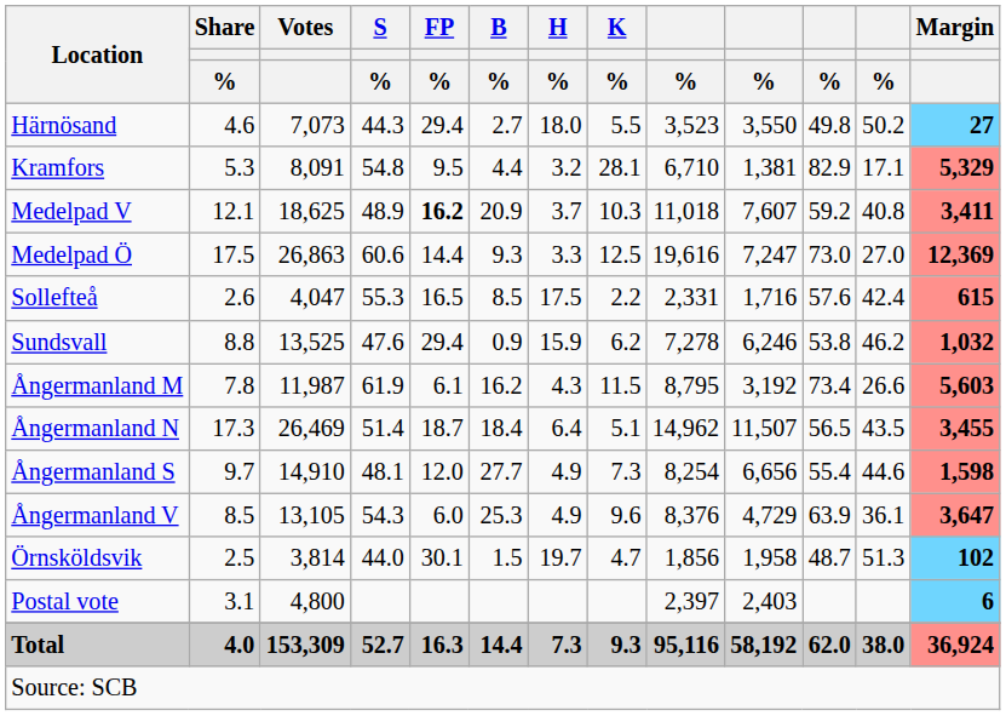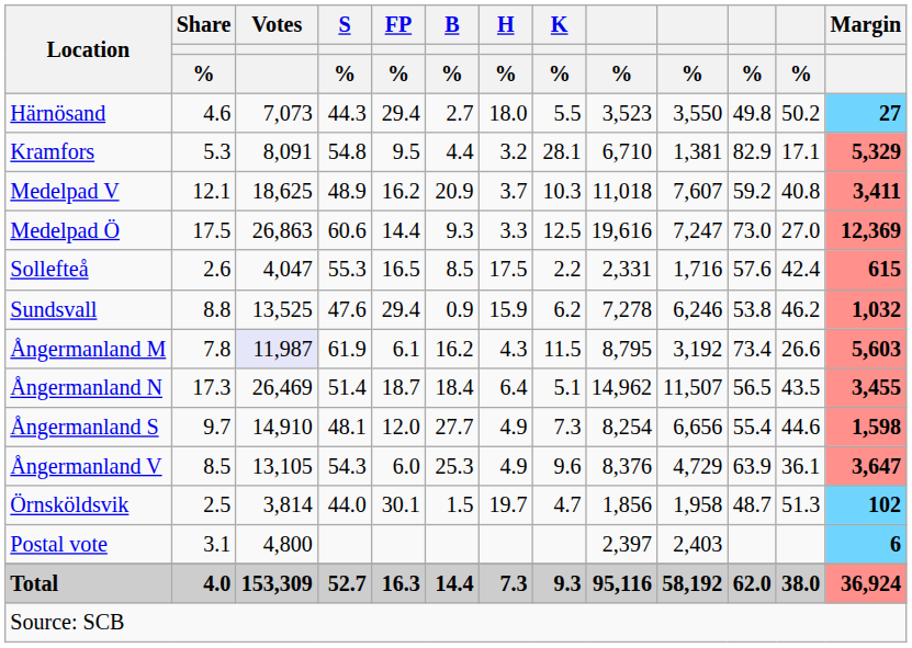 <table class="wikitable sortable" style="text-align:right; font-size:95%; line-height:20px;">
 <tr>
 <th rowspan="3">Location</th>
 <th>Share</th>
 <th>Votes</th>
 <th width="30px" class="unsortable"><a href='#'>S</a></th>
 <th width="30px" class="unsortable"><a href='#'>FP</a></th>
 <th width="30px" class="unsortable"><a href='#'>B</a></th>
 <th width="30px" class="unsortable"><a href='#'>H</a></th>
 <th width="30px" class="unsortable"><a href='#'>K</a></th>
 <th></th>
 <th></th>
 <th></th>
 <th></th>
 <th>Margin</th>
 </tr>
 <tr>
 <th></th>
 <th></th>
 <th style="background:"></th>
 <th style="background:"></th>
 <th style="background:"></th>
 <th style="background:"></th>
 <th style="background:"></th>
 <th style="background:"></th>
 <th style="background:"></th>
 <th style="background:"></th>
 <th style="background:"></th>
 <th></th>
 </tr>
 <tr>
 <th data-sort-type="number">%</th>
 <th></th>
 <th data-sort-type="number">%</th>
 <th data-sort-type="number">%</th>
 <th data-sort-type="number">%</th>
 <th data-sort-type="number">%</th>
 <th data-sort-type="number">%</th>
 <th data-sort-type="number">%</th>
 <th data-sort-type="number">%</th>
 <th data-sort-type="number">%</th>
 <th data-sort-type="number">%</th>
 <th data-sort-type="number"></th>
 </tr>
 <tr>
 <td align=left><a href='#'>Härnösand</a></td>
 <td>4.6</td>
 <td>7,073</td>
 <td>44.3</td>
 <td>29.4</td>
 <td>2.7</td>
 <td>18.0</td>
 <td>5.5</td>
 <td>3,523</td>
 <td>3,550</td>
 <td>49.8</td>
 <td>50.2</td>
 <td bgcolor=#6fd5fe><strong>27</strong></td>
 </tr>
 <tr>
 <td align=left><a href='#'>Kramfors</a></td>
 <td>5.3</td>
 <td>8,091</td>
 <td>54.8</td>
 <td>9.5</td>
 <td>4.4</td>
 <td>3.2</td>
 <td>28.1</td>
 <td>6,710</td>
 <td>1,381</td>
 <td>82.9</td>
 <td>17.1</td>
 <td bgcolor=#ff908c><strong>5,329</strong></td>
 </tr>
 <tr>
 <td align=left><a href='#'>Medelpad V</a></td>
 <td>12.1</td>
 <td>18,625</td>
 <td>48.9</td>
-<td><strong>16.2</strong></td>
+<td>16.2</td>
 <td>20.9</td>
 <td>3.7</td>
 <td>10.3</td>
 <td>11,018</td>
 <td>7,607</td>
 <td>59.2</td>
 <td>40.8</td>
 <td bgcolor=#ff908c><strong>3,411</strong></td>
 </tr>
 <tr>
 <td align=left><a href='#'>Medelpad Ö</a></td>
 <td>17.5</td>
 <td>26,863</td>
 <td>60.6</td>
 <td>14.4</td>
 <td>9.3</td>
 <td>3.3</td>
 <td>12.5</td>
 <td>19,616</td>
 <td>7,247</td>
 <td>73.0</td>
 <td>27.0</td>
 <td bgcolor=#ff908c><strong>12,369</strong></td>
 </tr>
 <tr>
 <td align=left><a href='#'>Sollefteå</a></td>
 <td>2.6</td>
 <td>4,047</td>
 <td>55.3</td>
 <td>16.5</td>
 <td>8.5</td>
 <td>17.5</td>
 <td>2.2</td>
 <td>2,331</td>
 <td>1,716</td>
 <td>57.6</td>
 <td>42.4</td>
 <td bgcolor=#ff908c><strong>615</strong></td>
 </tr>
 <tr>
 <td align=left><a href='#'>Sundsvall</a></td>
 <td>8.8</td>
 <td>13,525</td>
 <td>47.6</td>
 <td>29.4</td>
 <td>0.9</td>
 <td>15.9</td>
 <td>6.2</td>
 <td>7,278</td>
 <td>6,246</td>
 <td>53.8</td>
 <td>46.2</td>
 <td bgcolor=#ff908c><strong>1,032</strong></td>
 </tr>
 <tr>
 <td align=left><a href='#'>Ångermanland M</a></td>
 <td>7.8</td>
-<td>11,987</td>
+<td style="background: lavender;">11,987</td>
 <td>61.9</td>
 <td>6.1</td>
 <td>16.2</td>
 <td>4.3</td>
 <td>11.5</td>
 <td>8,795</td>
 <td>3,192</td>
 <td>73.4</td>
 <td>26.6</td>
 <td bgcolor=#ff908c><strong>5,603</strong></td>
 </tr>
 <tr>
 <td align=left><a href='#'>Ångermanland N</a></td>
 <td>17.3</td>
 <td>26,469</td>
 <td>51.4</td>
 <td>18.7</td>
 <td>18.4</td>
 <td>6.4</td>
 <td>5.1</td>
 <td>14,962</td>
 <td>11,507</td>
 <td>56.5</td>
 <td>43.5</td>
 <td bgcolor=#ff908c><strong>3,455</strong></td>
 </tr>
 <tr>
 <td align=left><a href='#'>Ångermanland S</a></td>
 <td>9.7</td>
 <td>14,910</td>
 <td>48.1</td>
 <td>12.0</td>
 <td>27.7</td>
 <td>4.9</td>
 <td>7.3</td>
 <td>8,254</td>
 <td>6,656</td>
 <td>55.4</td>
 <td>44.6</td>
 <td bgcolor=#ff908c><strong>1,598</strong></td>
 </tr>
 <tr>
 <td align=left><a href='#'>Ångermanland V</a></td>
 <td>8.5</td>
 <td>13,105</td>
 <td>54.3</td>
 <td>6.0</td>
 <td>25.3</td>
 <td>4.9</td>
 <td>9.6</td>
 <td>8,376</td>
 <td>4,729</td>
 <td>63.9</td>
 <td>36.1</td>
 <td bgcolor=#ff908c><strong>3,647</strong></td>
 </tr>
 <tr>
 <td align=left><a href='#'>Örnsköldsvik</a></td>
 <td>2.5</td>
 <td>3,814</td>
 <td>44.0</td>
 <td>30.1</td>
 <td>1.5</td>
 <td>19.7</td>
 <td>4.7</td>
 <td>1,856</td>
 <td>1,958</td>
 <td>48.7</td>
 <td>51.3</td>
 <td bgcolor=#6fd5fe><strong>102</strong></td>
 </tr>
 <tr>
 <td align=left><a href='#'>Postal vote</a></td>
 <td>3.1</td>
 <td>4,800</td>
 <td></td>
 <td></td>
 <td></td>
 <td></td>
 <td></td>
 <td>2,397</td>
 <td>2,403</td>
 <td></td>
 <td></td>
 <td bgcolor=#6fd5fe><strong>6</strong></td>
 </tr>
 <tr>
 </tr>
 <tr style="background:#CDCDCD;">
 <td align=left><strong>Total</strong></td>
 <td><strong>4.0</strong></td>
 <td><strong>153,309</strong></td>
 <td><strong>52.7</strong></td>
 <td><strong>16.3</strong></td>
 <td><strong>14.4</strong></td>
 <td><strong>7.3</strong></td>
 <td><strong>9.3</strong></td>
 <td><strong>95,116</strong></td>
 <td><strong>58,192</strong></td>
 <td><strong>62.0</strong></td>
 <td><strong>38.0</strong></td>
 <td bgcolor=#ff908c><strong>36,924</strong></td>
 </tr>
 <tr>
 <td align=left colspan=13>Source: SCB </td>
 </tr>
 </table>
